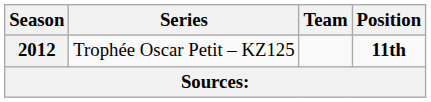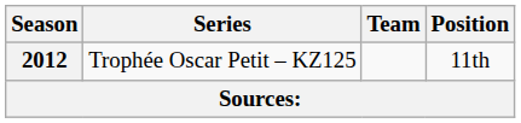 <table class="wikitable" style="font-size: 85%; text-align:center">
 <tr>
 <th>Season</th>
 <th>Series</th>
 <th>Team</th>
 <th>Position</th>
 </tr>
 <tr>
 <th>2012</th>
 <td align="left">Trophée Oscar Petit – KZ125</td>
 <td align="left"></td>
-<td><strong>11th</strong></td>
+<td>11th</td>
 </tr>
 <tr>
 <th colspan="4">Sources:</th>
 </tr>
 </table>
